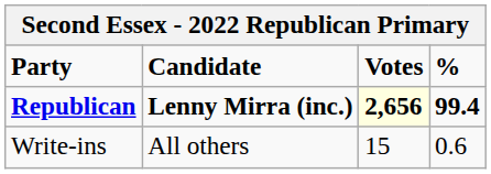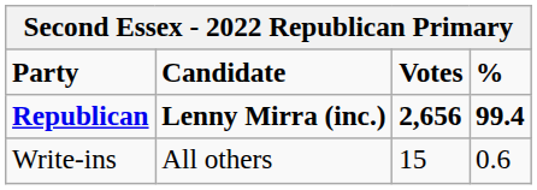 <table class="wikitable">
 <tr>
 <th colspan="4">Second Essex - 2022 Republican Primary</th>
 </tr>
 <tr>
 <td><strong>Party</strong></td>
 <td><strong>Candidate</strong></td>
 <td><strong>Votes</strong></td>
 <td><strong>%</strong></td>
 </tr>
 <tr>
 <td><strong><a href='#'>Republican</a></strong></td>
 <td><strong>Lenny Mirra (inc.)</strong></td>
-<td style="background: lightyellow;"><strong>2,656</strong></td>
+<td><strong>2,656</strong></td>
 <td><strong>99.4</strong></td>
 </tr>
 <tr>
 <td>Write-ins</td>
 <td>All others</td>
 <td>15</td>
 <td>0.6</td>
 </tr>
 </table>
